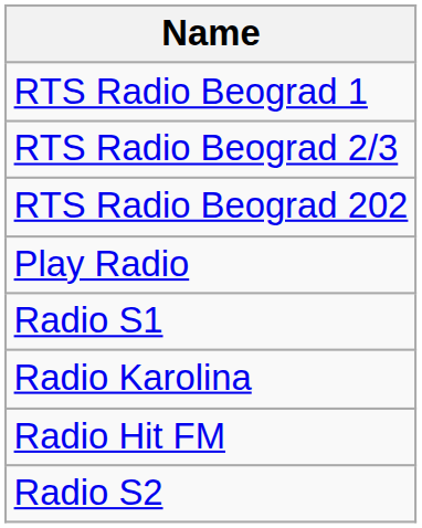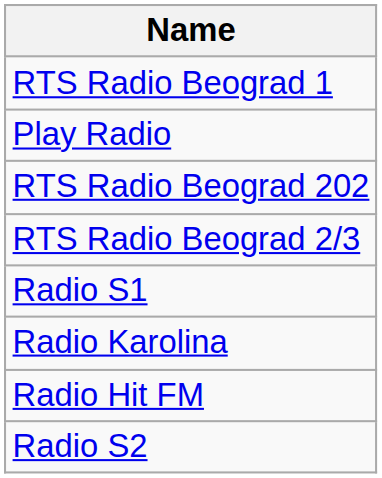 <table class="wikitable sortable">
 <tr>
 <th>Name</th>
 </tr>
 <tr>
 <td><a href='#'>RTS Radio Beograd 1</a></td>
 </tr>
 <tr>
-<td><a href='#'>RTS Radio Beograd 2/3</a></td>
+<td><a href='#'>Play Radio</a></td>
 </tr>
 <tr>
 <td><a href='#'>RTS Radio Beograd 202</a></td>
 </tr>
 <tr>
-<td><a href='#'>Play Radio</a></td>
+<td><a href='#'>RTS Radio Beograd 2/3</a></td>
 </tr>
 <tr>
 <td><a href='#'>Radio S1</a></td>
 </tr>
 <tr>
 <td><a href='#'>Radio Karolina</a></td>
 </tr>
 <tr>
 <td><a href='#'>Radio Hit FM</a></td>
 </tr>
 <tr>
 <td><a href='#'>Radio S2</a></td>
 </tr>
 </table>
